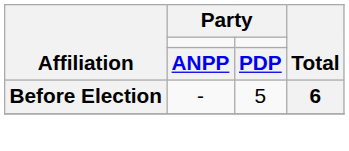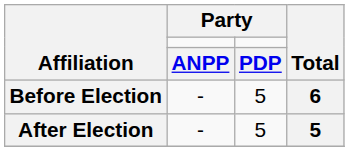 <table class=wikitable style="text-align:center">
 <tr style="vertical-align:bottom;">
 <th rowspan=3>Affiliation</th>
 <th colspan=2>Party</th>
 <th rowspan=3>Total</th>
 </tr>
 <tr>
 <td style="background-color:"></td>
 <td style="background-color:"></td>
 </tr>
 <tr>
 <th><a href='#'>ANPP</a></th>
 <th><a href='#'>PDP</a></th>
 </tr>
 <tr>
 <th>Before Election</th>
 <td>-</td>
 <td>5</td>
 <th>6</th>
 </tr>
 <tr>
+<th>After Election</th>
+<td>-</td>
+<td>5</td>
+<th>5</th>
+</tr>
+<tr>
 </tr>
 </table>
